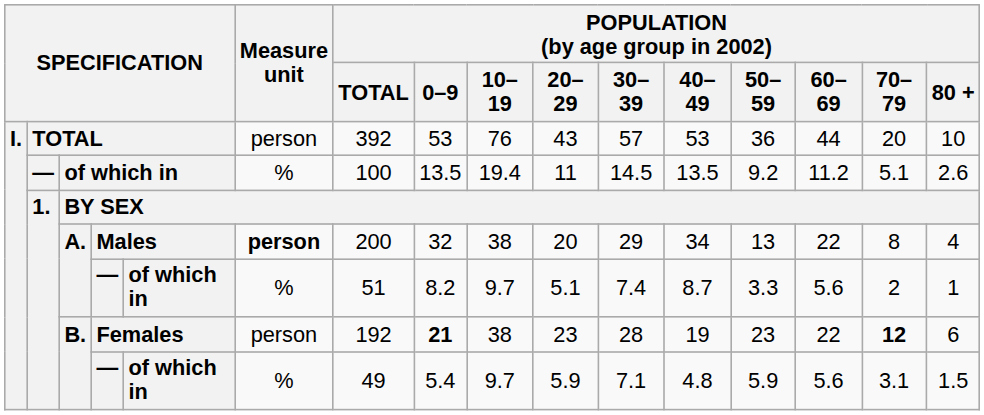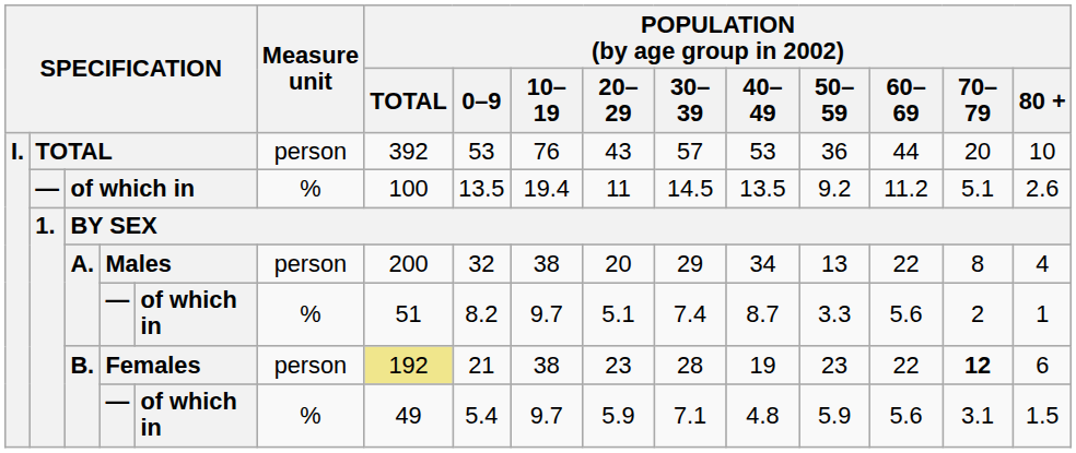 <table class="wikitable" style="font-size:85%; text-align:center">
 <tr>
 <th rowspan="2" colspan="5">SPECIFICATION</th>
 <th rowspan="2">Measure<br> unit</th>
 <th colspan="10" rowspan="1">POPULATION<br> (by age group in 2002)</th>
 </tr>
 <tr>
 <th>TOTAL</th>
 <th>0–9</th>
 <th>10–19</th>
 <th>20–29</th>
 <th>30–39</th>
 <th>40–49</th>
 <th>50–59</th>
 <th>60–69</th>
 <th>70–79</th>
 <th>80 +</th>
 </tr>
 <tr>
 <th style="text-align:left" valign="top" rowspan="7">I.</th>
 <th style="text-align:left" colspan="4">TOTAL</th>
 <td>person</td>
 <td>392</td>
 <td>53</td>
 <td>76</td>
 <td>43</td>
 <td>57</td>
 <td>53</td>
 <td>36</td>
 <td>44</td>
 <td>20</td>
 <td>10</td>
 </tr>
 <tr>
 <th style="text-align:left" valign="top">—</th>
 <th style="text-align:left" colspan="3">of which in</th>
 <td>%</td>
 <td>100</td>
 <td>13.5</td>
 <td>19.4</td>
 <td>11</td>
 <td>14.5</td>
 <td>13.5</td>
 <td>9.2</td>
 <td>11.2</td>
 <td>5.1</td>
 <td>2.6</td>
 </tr>
 <tr>
 <th style="text-align:left" valign="top" rowspan="5">1.</th>
 <th style="text-align:left" colspan="14">BY SEX</th>
 </tr>
 <tr>
 <th style="text-align:left" valign="top" rowspan="2">A.</th>
 <th style="text-align:left" colspan="2">Males</th>
-<td><strong>person</strong></td>
+<td>person</td>
 <td>200</td>
 <td>32</td>
 <td>38</td>
 <td>20</td>
 <td>29</td>
 <td>34</td>
 <td>13</td>
 <td>22</td>
 <td>8</td>
 <td>4</td>
 </tr>
 <tr>
 <th style="text-align:left" valign="top">—</th>
 <th style="text-align:left" colspan="1">of which in</th>
 <td>%</td>
 <td>51</td>
 <td>8.2</td>
 <td>9.7</td>
 <td>5.1</td>
 <td>7.4</td>
 <td>8.7</td>
 <td>3.3</td>
 <td>5.6</td>
 <td>2</td>
 <td>1</td>
 </tr>
 <tr>
 <th style="text-align:left" valign="top" rowspan="2">B.</th>
 <th style="text-align:left" colspan="2">Females</th>
 <td>person</td>
-<td>192</td>
-<td><strong>21</strong></td>
+<td style="background: khaki;">192</td>
+<td>21</td>
 <td>38</td>
 <td>23</td>
 <td>28</td>
 <td>19</td>
 <td>23</td>
 <td>22</td>
 <td><strong>12</strong></td>
 <td>6</td>
 </tr>
 <tr>
 <th style="text-align:left" valign="top">—</th>
 <th style="text-align:left" colspan="1">of which in</th>
 <td>%</td>
 <td>49</td>
 <td>5.4</td>
 <td>9.7</td>
 <td>5.9</td>
 <td>7.1</td>
 <td>4.8</td>
 <td>5.9</td>
 <td>5.6</td>
 <td>3.1</td>
 <td>1.5</td>
 </tr>
 </table>
